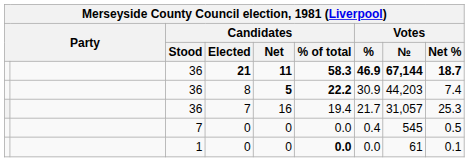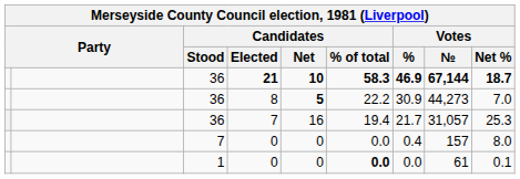 <table class="wikitable" style="font-size:95%">
 <tr>
 <th colspan="16" style="background-color:#f2f2f2">Merseyside County Council election, 1981 (<a href='#'>Liverpool</a>)</th>
 </tr>
 <tr style="vertical-align:center;">
 <th colspan="2" rowspan="2">Party</th>
 <th colspan="4" style="width: 30px">Candidates</th>
 <th colspan="3" style="width: 30px">Votes</th>
 </tr>
 <tr>
 <th>Stood</th>
 <th>Elected</th>
 <th style="width: 45px">Net</th>
 <th>% of total</th>
 <th>%</th>
 <th>№</th>
 <th>Net %</th>
 </tr>
 <tr>
 <td style="background-color: "></td>
 <td style="width: 190px"><a href='#'></a></td>
 <td style="text-align:right; ">36</td>
 <td style="text-align:right; "><strong>21</strong></td>
-<td style="text-align:right; "><span><strong>11</strong></span></td>
+<td style="text-align:right; "><span><strong>10</strong></span></td>
 <td style="text-align:right; "><strong>58.3</strong></td>
 <td style="text-align:right; "><strong>46.9</strong></td>
 <td style="text-align:right; "><strong>67,144</strong></td>
 <td style="text-align:right; "><span><strong>18.7</strong></span></td>
 </tr>
 <tr>
 <td style="background-color: "></td>
 <td style="width: 190px"><a href='#'></a></td>
 <td style="text-align:right; ">36</td>
 <td style="text-align:right; ">8</td>
 <td style="text-align:right; "><strong><span>5</span></strong></td>
-<td style="text-align:right; "><strong>22.2</strong></td>
+<td style="text-align:right; ">22.2</td>
 <td style="text-align:right; ">30.9</td>
-<td style="text-align:right; ">44,203</td>
-<td style="text-align:right; "><span>7.4</span></td>
+<td style="text-align:right; ">44,273</td>
+<td style="text-align:right; "><span>7.0</span></td>
 </tr>
 <tr>
 <th style="background-color: "></th>
 <td style="width: 190px"><a href='#'></a></td>
 <td style="text-align:right; ">36</td>
 <td style="text-align:right; ">7</td>
 <td style="text-align:right; "><span>16</span></td>
 <td style="text-align:right; ">19.4</td>
 <td style="text-align:right; ">21.7</td>
 <td style="text-align:right; ">31,057</td>
 <td style="text-align:right; "><span>25.3</span></td>
 </tr>
 <tr>
 <td style="background-color: "></td>
 <td style="width: 190px"><a href='#'></a></td>
 <td style="text-align:right; ">7</td>
 <td style="text-align:right; ">0</td>
 <td style="text-align:right; ">0</td>
 <td style="text-align:right; ">0.0</td>
 <td style="text-align:right; ">0.4</td>
-<td style="text-align:right; ">545</td>
-<td style="text-align:right; "><span>0.5</span></td>
+<td style="text-align:right; ">157</td>
+<td style="text-align:right; "><span>8.0</span></td>
 </tr>
 <tr>
 <td style="background-color: "></td>
 <td style="width: 190px"><a href='#'></a></td>
 <td style="text-align:right; ">1</td>
 <td style="text-align:right; ">0</td>
 <td style="text-align:right; ">0</td>
 <td style="text-align:right; "><strong>0.0</strong></td>
 <td style="text-align:right; ">0.0</td>
 <td style="text-align:right; ">61</td>
 <td style="text-align:right; "><span>0.1</span></td>
 </tr>
 </table>
